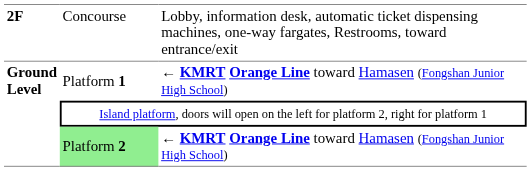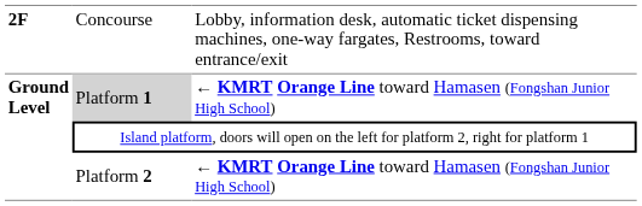 <table table border=0 cellspacing=0 cellpadding=3>
 <tr>
 <td style="border-bottom:solid 1px gray;border-top:solid 1px gray;" width=50 valign=top><strong>2F</strong></td>
 <td style="border-top:solid 1px gray;border-bottom:solid 1px gray;" width=100 valign=top>Concourse</td>
 <td style="border-top:solid 1px gray;border-bottom:solid 1px gray;" width=390 valign=top>Lobby, information desk, automatic ticket dispensing machines, one-way fargates, Restrooms, toward entrance/exit</td>
 </tr>
 <tr>
 <td style="border-bottom:solid 1px gray;" rowspan=3 valign=top><strong>Ground Level</strong></td>
-<td>Platform <span><strong>1</strong></span></td>
+<td style="background: lightgrey;">Platform <span><strong>1</strong></span></td>
 <td>← <a href='#'><span><strong>KMRT</strong></span></a> <a href='#'><span><strong>Orange Line</strong></span></a> toward <a href='#'>Hamasen</a> <small>(<a href='#'>Fongshan Junior High School</a>)</small></td>
 </tr>
 <tr>
 <td style="border-top:solid 2px black;border-right:solid 2px black;border-left:solid 2px black;border-bottom:solid 2px black;text-align:center;" colspan=2><small><a href='#'>Island platform</a>, doors will open on the left for platform 2, right for platform 1</small></td>
 </tr>
 <tr>
-<td style="background: lightgreen; border-bottom:solid 1px gray;">Platform <span><strong>2</strong></span></td>
+<td style="border-bottom:solid 1px gray;">Platform <span><strong>2</strong></span></td>
 <td style="border-bottom:solid 1px gray;">← <a href='#'><span><strong>KMRT</strong></span></a> <a href='#'><span><strong>Orange Line</strong></span></a> toward <a href='#'>Hamasen</a> <small>(<a href='#'>Fongshan Junior High School</a>)</small></td>
 </tr>
 </table>
